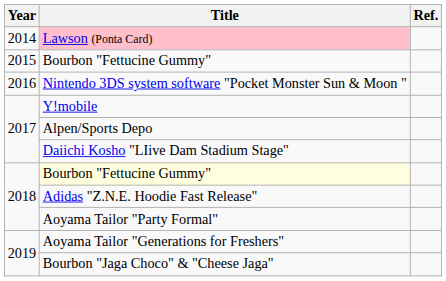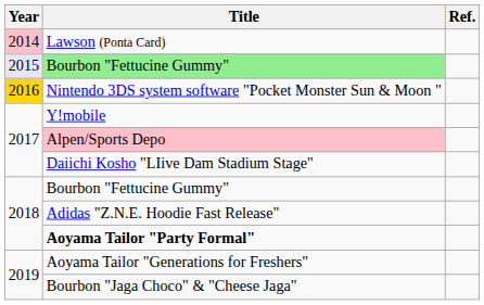 <table class="wikitable">
 <tr>
 <th>Year</th>
 <th>Title</th>
 <th>Ref.</th>
 </tr>
 <tr>
-<td>2014</td>
-<td style="background: pink;"><a href='#'>Lawson</a> <small>(Ponta Card)</small></td>
+<td style="background: pink;">2014</td>
+<td><a href='#'>Lawson</a> <small>(Ponta Card)</small></td>
 <td></td>
 </tr>
 <tr>
-<td>2015</td>
-<td>Bourbon "Fettucine Gummy"</td>
+<td style="background: lavender;">2015</td>
+<td style="background: lightgreen;">Bourbon "Fettucine Gummy"</td>
 <td></td>
 </tr>
 <tr>
-<td>2016</td>
+<td style="background: gold;">2016</td>
 <td><a href='#'>Nintendo 3DS system software</a> "Pocket Monster Sun & Moon "</td>
 <td></td>
 </tr>
 <tr>
 <td rowspan="3">2017</td>
 <td><a href='#'>Y!mobile</a></td>
 <td></td>
 </tr>
 <tr>
-<td>Alpen/Sports Depo</td>
+<td style="background: pink;">Alpen/Sports Depo</td>
 <td></td>
 </tr>
 <tr>
 <td><a href='#'>Daiichi Kosho</a> "LIive Dam Stadium Stage"</td>
 <td></td>
 </tr>
 <tr>
 <td rowspan="3">2018</td>
-<td style="background: lightyellow;">Bourbon "Fettucine Gummy"</td>
+<td>Bourbon "Fettucine Gummy"</td>
 <td></td>
 </tr>
 <tr>
 <td><a href='#'>Adidas</a> "Z.N.E. Hoodie Fast Release"</td>
 <td></td>
 </tr>
 <tr>
-<td>Aoyama Tailor "Party Formal"</td>
+<td><strong>Aoyama Tailor "Party Formal"</strong></td>
 <td></td>
 </tr>
 <tr>
 <td rowspan="2">2019</td>
 <td>Aoyama Tailor "Generations for Freshers"</td>
 <td></td>
 </tr>
 <tr>
 <td>Bourbon "Jaga Choco" & "Cheese Jaga"</td>
 <td></td>
 </tr>
 </table>
